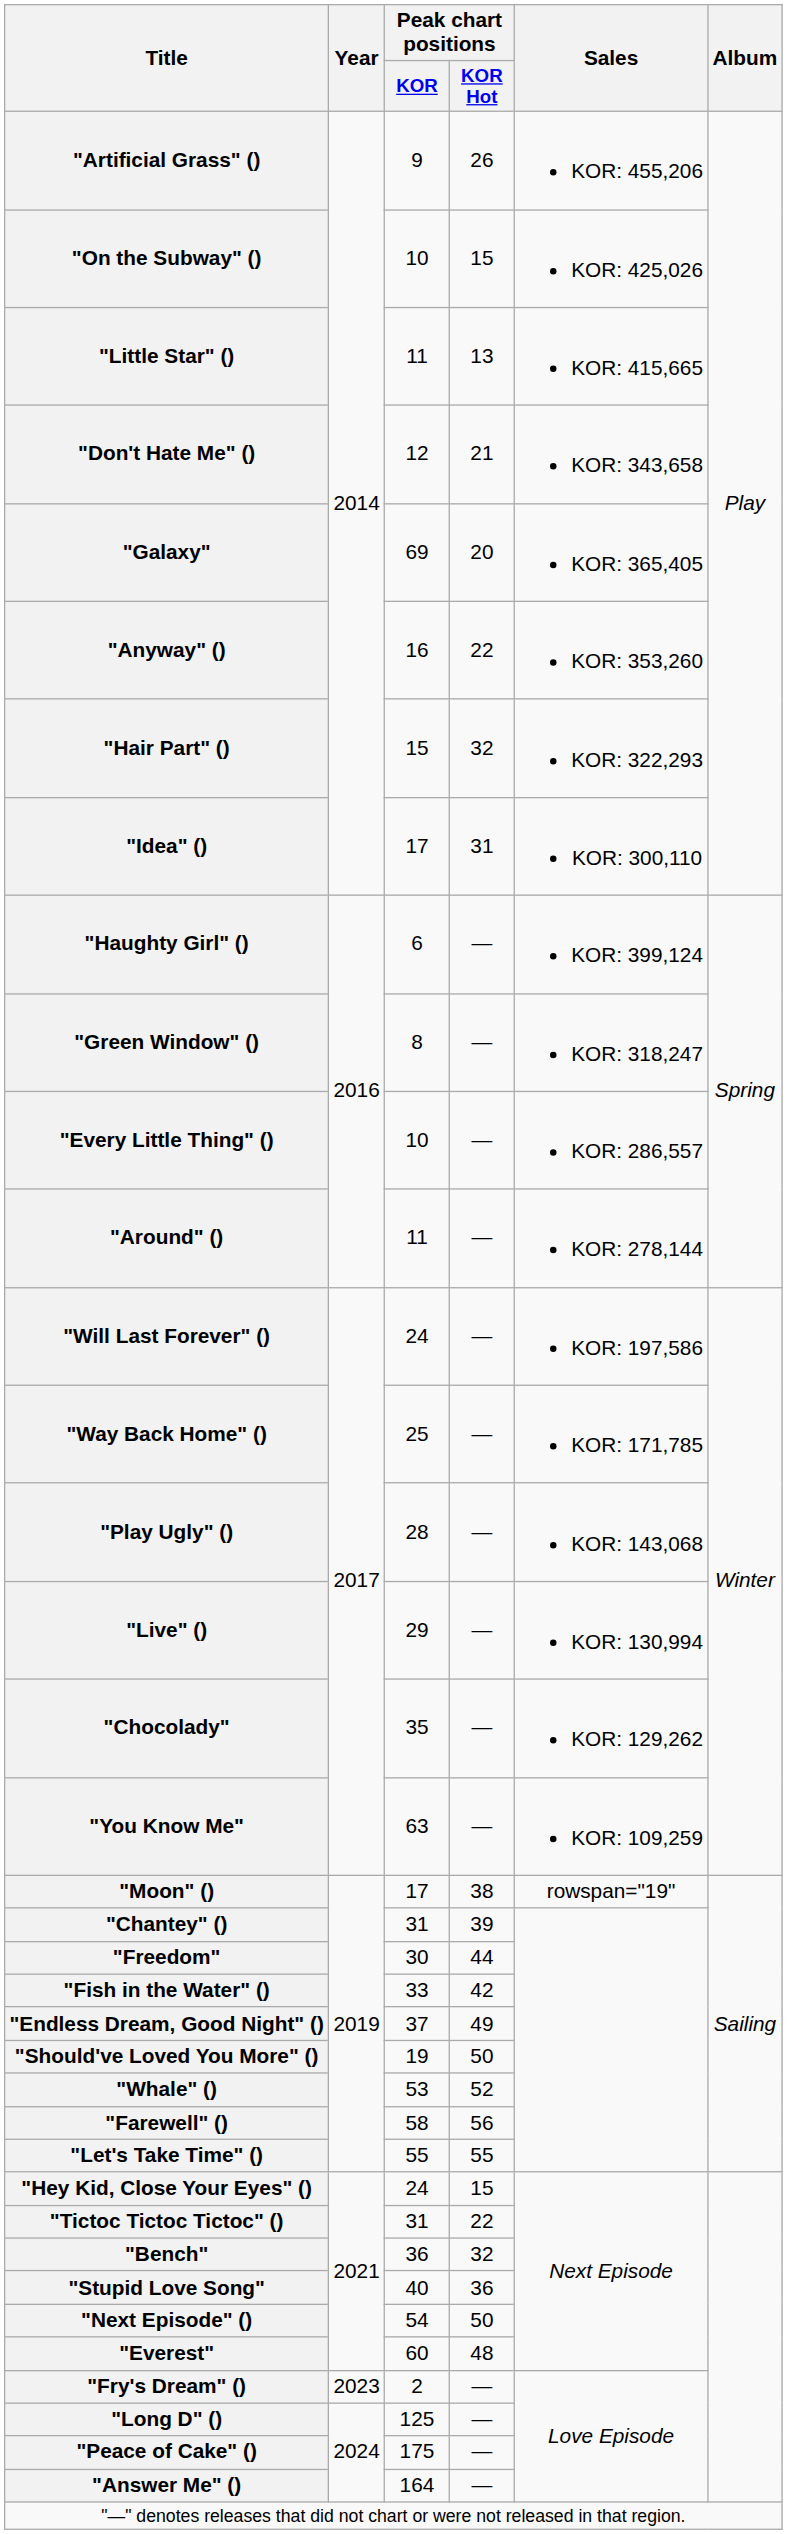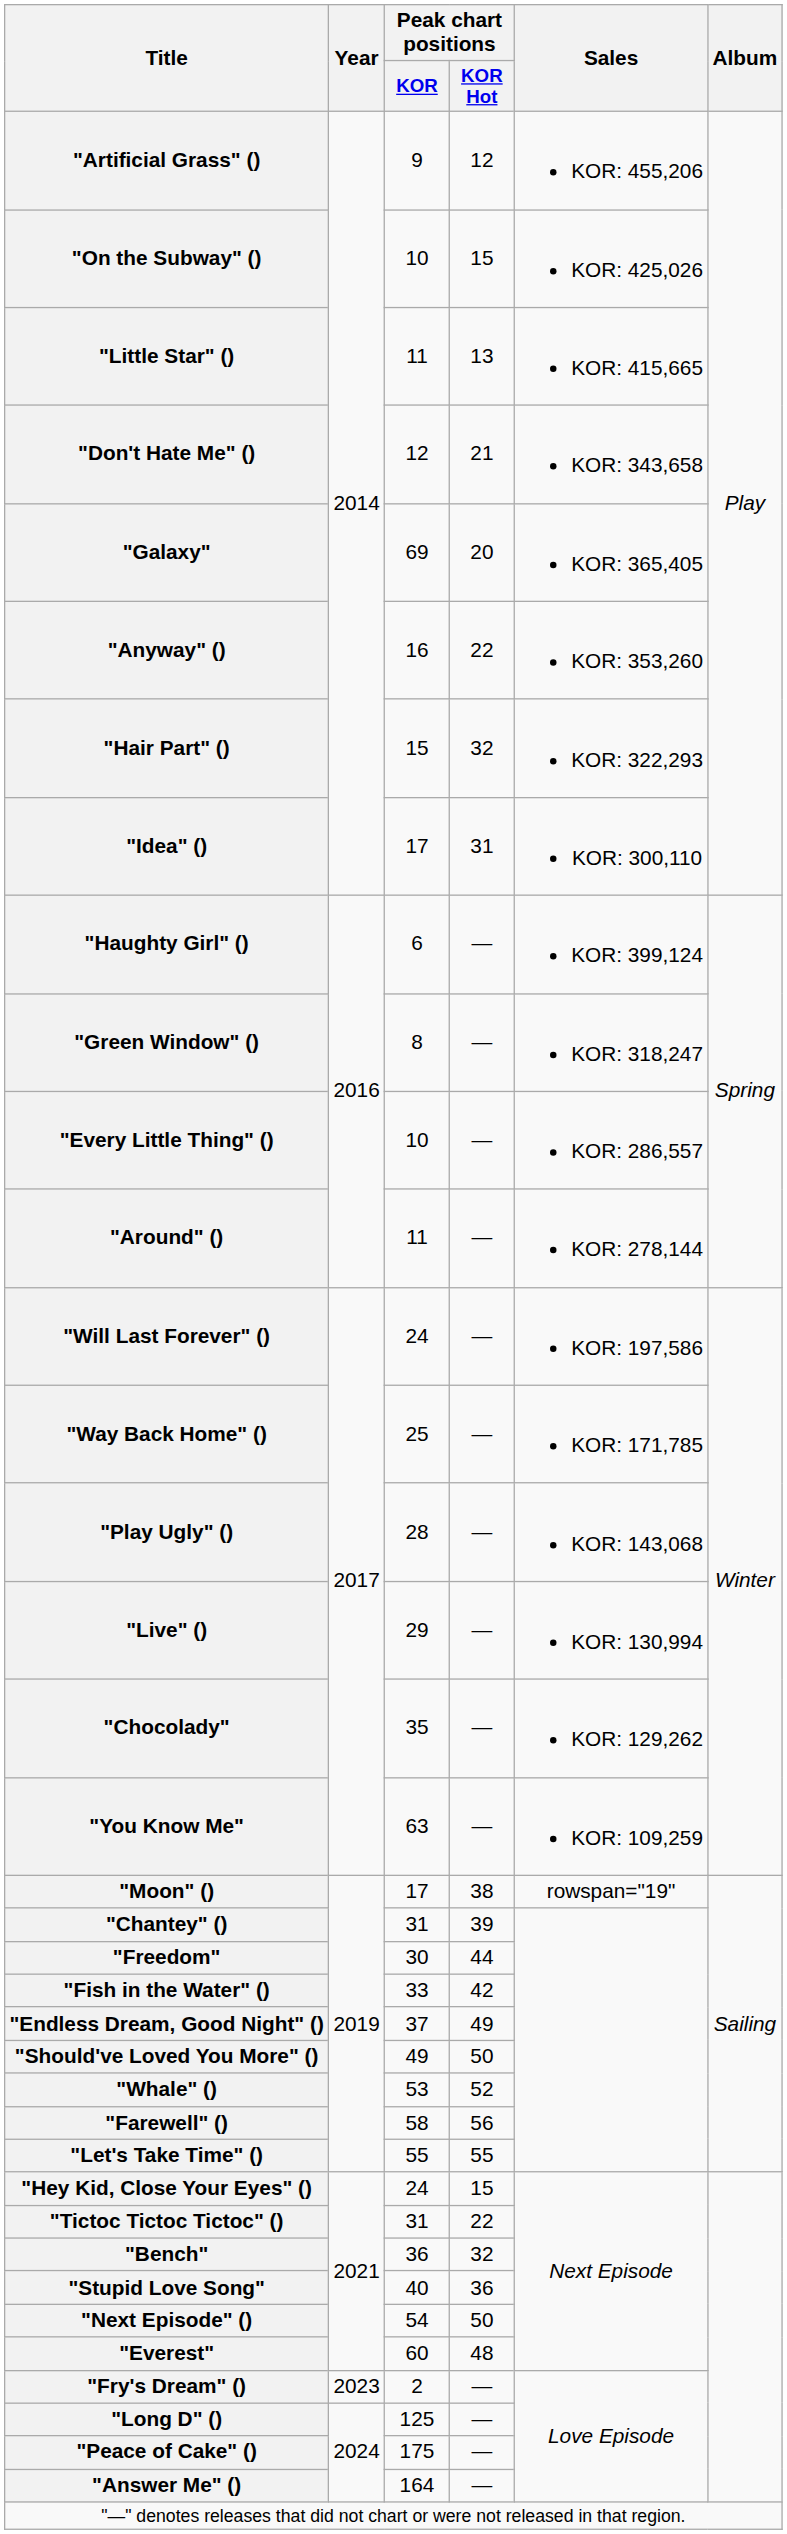 <table class="wikitable plainrowheaders" style="text-align:center;">
 <tr>
 <th scope="col" rowspan="2">Title</th>
 <th scope="col" rowspan="2">Year</th>
 <th scope="col" colspan="2">Peak chart<br>positions</th>
 <th scope="col" rowspan="2">Sales</th>
 <th scope="col" rowspan="2">Album</th>
 </tr>
 <tr>
 <th scope="col" style="width:3em;font-size:90%;"><a href='#'>KOR</a><br></th>
 <th scope="col" style="width:3em;font-size:90%;"><a href='#'>KOR<br>Hot</a><br></th>
 </tr>
 <tr>
 <th scope="row">"Artificial Grass" ()</th>
 <td rowspan="8">2014</td>
 <td>9</td>
-<td>26</td>
+<td>12</td>
 <td><br><ul><li>KOR: 455,206</li></ul></td>
 <td rowspan="8"><em>Play</em></td>
 </tr>
 <tr>
 <th scope="row">"On the Subway" ()</th>
 <td>10</td>
 <td>15</td>
 <td><br><ul><li>KOR: 425,026</li></ul></td>
 </tr>
 <tr>
 <th scope="row">"Little Star" ()</th>
 <td>11</td>
 <td>13</td>
 <td><br><ul><li>KOR: 415,665</li></ul></td>
 </tr>
 <tr>
 <th scope="row">"Don't Hate Me" ()</th>
 <td>12</td>
 <td>21</td>
 <td><br><ul><li>KOR: 343,658</li></ul></td>
 </tr>
 <tr>
 <th scope="row">"Galaxy"</th>
 <td>69</td>
 <td>20</td>
 <td><br><ul><li>KOR: 365,405</li></ul></td>
 </tr>
 <tr>
 <th scope="row">"Anyway" ()</th>
 <td>16</td>
 <td>22</td>
 <td><br><ul><li>KOR: 353,260</li></ul></td>
 </tr>
 <tr>
 <th scope="row">"Hair Part" ()</th>
 <td>15</td>
 <td>32</td>
 <td><br><ul><li>KOR: 322,293</li></ul></td>
 </tr>
 <tr>
 <th scope="row">"Idea" ()</th>
 <td>17</td>
 <td>31</td>
 <td><br><ul><li>KOR: 300,110</li></ul></td>
 </tr>
 <tr>
 <th scope="row">"Haughty Girl" ()</th>
 <td rowspan="4">2016</td>
 <td>6</td>
 <td>—</td>
 <td><br><ul><li>KOR: 399,124</li></ul></td>
 <td rowspan="4"><em>Spring</em></td>
 </tr>
 <tr>
 <th scope="row">"Green Window" ()</th>
 <td>8</td>
 <td>—</td>
 <td><br><ul><li>KOR: 318,247</li></ul></td>
 </tr>
 <tr>
 <th scope="row">"Every Little Thing" ()</th>
 <td>10</td>
 <td>—</td>
 <td><br><ul><li>KOR: 286,557</li></ul></td>
 </tr>
 <tr>
 <th scope="row">"Around" ()</th>
 <td>11</td>
 <td>—</td>
 <td><br><ul><li>KOR: 278,144</li></ul></td>
 </tr>
 <tr>
 <th scope="row">"Will Last Forever" ()</th>
 <td rowspan="6">2017</td>
 <td>24</td>
 <td>—</td>
 <td><br><ul><li>KOR: 197,586</li></ul></td>
 <td rowspan=6><em>Winter</em></td>
 </tr>
 <tr>
 <th scope="row">"Way Back Home" ()</th>
 <td>25</td>
 <td>—</td>
 <td><br><ul><li>KOR: 171,785</li></ul></td>
 </tr>
 <tr>
 <th scope="row">"Play Ugly" ()</th>
 <td>28</td>
 <td>—</td>
 <td><br><ul><li>KOR: 143,068</li></ul></td>
 </tr>
 <tr>
 <th scope="row">"Live" ()</th>
 <td>29</td>
 <td>—</td>
 <td><br><ul><li>KOR: 130,994</li></ul></td>
 </tr>
 <tr>
 <th scope="row">"Chocolady"</th>
 <td>35</td>
 <td>—</td>
 <td><br><ul><li>KOR: 129,262</li></ul></td>
 </tr>
 <tr>
 <th scope="row">"You Know Me"</th>
 <td>63</td>
 <td>—</td>
 <td><br><ul><li>KOR: 109,259</li></ul></td>
 </tr>
 <tr>
 <th scope="row">"Moon" ()</th>
 <td rowspan="9">2019</td>
 <td>17</td>
 <td>38</td>
 <td>rowspan="19" </td>
 <td rowspan="9"><em>Sailing</em></td>
 </tr>
 <tr>
 <th scope="row">"Chantey" ()</th>
 <td>31</td>
 <td>39</td>
 </tr>
 <tr>
 <th scope="row">"Freedom"</th>
 <td>30</td>
 <td>44</td>
 </tr>
 <tr>
 <th scope="row">"Fish in the Water" ()</th>
 <td>33</td>
 <td>42</td>
 </tr>
 <tr>
 <th scope="row">"Endless Dream, Good Night" ()</th>
 <td>37</td>
 <td>49</td>
 </tr>
 <tr>
 <th scope="row">"Should've Loved You More" ()</th>
-<td>19</td>
+<td>49</td>
 <td>50</td>
 </tr>
 <tr>
 <th scope="row">"Whale" ()</th>
 <td>53</td>
 <td>52</td>
 </tr>
 <tr>
 <th scope="row">"Farewell" ()</th>
 <td>58</td>
 <td>56</td>
 </tr>
 <tr>
 <th scope="row">"Let's Take Time" ()</th>
 <td>55</td>
 <td>55</td>
 </tr>
 <tr>
 <th scope="row">"Hey Kid, Close Your Eyes" ()<br></th>
 <td rowspan="6">2021</td>
 <td>24</td>
 <td>15</td>
 <td rowspan="6"><em>Next Episode</em></td>
 </tr>
 <tr>
 <th scope="row">"Tictoc Tictoc Tictoc" ()<br></th>
 <td>31</td>
 <td>22</td>
 </tr>
 <tr>
 <th scope="row">"Bench"<br></th>
 <td>36</td>
 <td>32</td>
 </tr>
 <tr>
 <th scope="row">"Stupid Love Song" <br></th>
 <td>40</td>
 <td>36</td>
 </tr>
 <tr>
 <th scope="row">"Next Episode" ()<br></th>
 <td>54</td>
 <td>50</td>
 </tr>
 <tr>
 <th scope="row">"Everest"<br></th>
 <td>60</td>
 <td>48</td>
 </tr>
 <tr>
 <th scope="row">"Fry's Dream" ()</th>
 <td>2023</td>
 <td>2</td>
 <td>—</td>
 <td rowspan="4"><em>Love Episode</em></td>
 </tr>
 <tr>
 <th scope="row">"Long D" ()</th>
 <td rowspan="3">2024</td>
 <td>125</td>
 <td>—</td>
 </tr>
 <tr>
 <th scope="row">"Peace of Cake" ()</th>
 <td>175</td>
 <td>—</td>
 </tr>
 <tr>
 <th scope="row">"Answer Me" ()</th>
 <td>164</td>
 <td>—</td>
 </tr>
 <tr>
 <td colspan="6" style="font-size:85%">"—" denotes releases that did not chart or were not released in that region.</td>
 </tr>
 </table>
